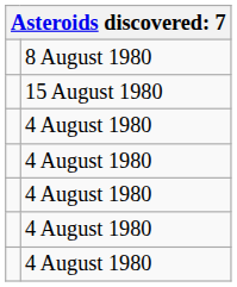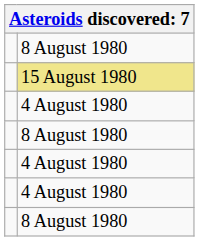 <table class="wikitable collapsible" align="right" style="margin: 1em; margin-top: 0;">
 <tr>
 <th colspan="2" style="white-space: nowrap;"><a href='#'>Asteroids</a> discovered: 7</th>
 </tr>
 <tr>
 <td></td>
 <td>8 August 1980</td>
 </tr>
 <tr>
 <td></td>
-<td>15 August 1980</td>
+<td style="background: khaki;">15 August 1980</td>
+</tr>
+<tr>
+<td></td>
+<td>4 August 1980</td>
+</tr>
+<tr>
+<td></td>
+<td>8 August 1980</td>
 </tr>
 <tr>
 <td></td>
 <td>4 August 1980</td>
 </tr>
 <tr>
 <td></td>
 <td>4 August 1980</td>
 </tr>
 <tr>
 <td></td>
-<td>4 August 1980</td>
-</tr>
-<tr>
-<td></td>
-<td>4 August 1980</td>
-</tr>
-<tr>
-<td></td>
-<td>4 August 1980</td>
+<td>8 August 1980</td>
 </tr>
 </table>
